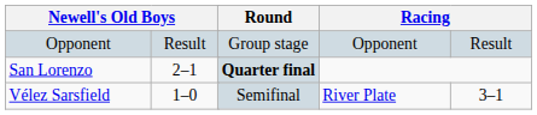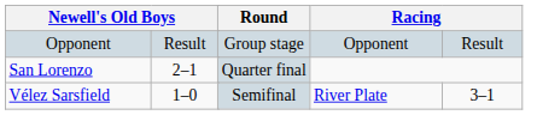 <table class="wikitable" style="text-align:center;">
 <tr>
 <th colspan=3 width=200px><a href='#'>Newell's Old Boys</a></th>
 <th>Round</th>
 <th colspan=3 width=200px><a href='#'>Racing</a></th>
 </tr>
 <tr bgcolor= #CFDBE2>
 <td width= x>Opponent</td>
 <td colspan=2>Result</td>
 <td>Group stage</td>
 <td width= px>Opponent</td>
 <td colspan=2>Result</td>
 </tr>
 <tr>
 <td align=left><a href='#'>San Lorenzo</a></td>
 <td colspan=2>2–1</td>
-<td bgcolor= #CFDBE2><strong>Quarter final</strong></td>
+<td bgcolor= #CFDBE2>Quarter final</td>
 <td colspan=3></td>
 </tr>
 <tr>
 <td align=left><a href='#'>Vélez Sarsfield</a></td>
 <td colspan=2>1–0</td>
 <td bgcolor= #CFDBE2>Semifinal</td>
 <td align=left><a href='#'>River Plate</a></td>
 <td colspan=2>3–1</td>
 </tr>
 </table>
